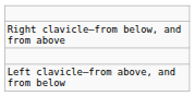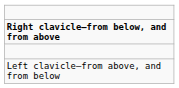 <table class="wikitable" align="right" width="250">
 <tr>
 <td><br></td>
 </tr>
 <tr>
-<td>Right clavicle—from below, and from above</td>
+<td><strong>Right clavicle—from below, and from above</strong></td>
 </tr>
 <tr>
 <td><br></td>
 </tr>
 <tr>
 <td>Left clavicle—from above, and from below</td>
 </tr>
 </table>
